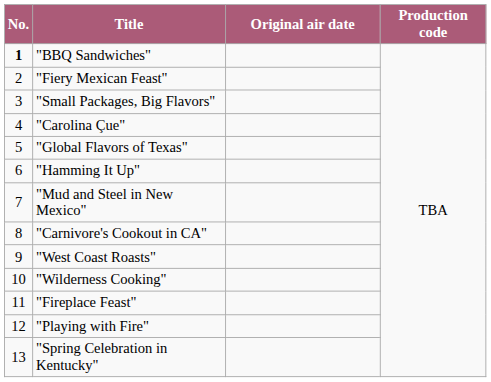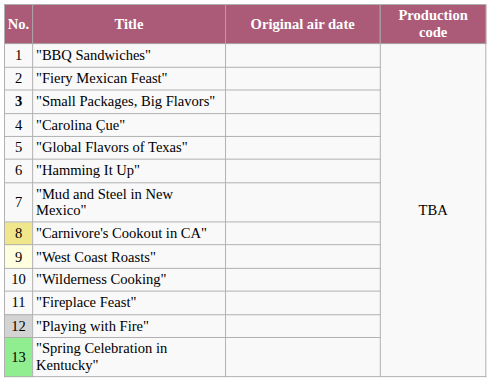 <table class="wikitable plainrowheaders" style="width:60%;">
 <tr>
 <th style="background-color: #ab5b78; color: #FFFFFF;" width=5%>No.</th>
 <th style="background-color: #ab5b78; color: #FFFFFF;" width=40%>Title</th>
 <th style="background-color: #ab5b78; color: #FFFFFF;">Original air date</th>
 <th style="background-color: #ab5b78; color: #FFFFFF;">Production<br>code</th>
 </tr>
 <tr>
-<td align=center><strong>1</strong></td>
+<td align=center>1</td>
 <td>"BBQ Sandwiches"</td>
 <td align=center></td>
 <td align=center rowspan=13>TBA</td>
 </tr>
 <tr>
 <td align=center>2</td>
 <td>"Fiery Mexican Feast"</td>
 <td align=center></td>
 </tr>
 <tr>
-<td align=center>3</td>
+<td align=center><strong>3</strong></td>
 <td>"Small Packages, Big Flavors"</td>
 <td align=center></td>
 </tr>
 <tr>
 <td align=center>4</td>
 <td>"Carolina Çue"</td>
 <td align=center></td>
 </tr>
 <tr>
 <td align=center>5</td>
 <td>"Global Flavors of Texas"</td>
 <td align=center></td>
 </tr>
 <tr>
 <td align=center>6</td>
 <td>"Hamming It Up"</td>
 <td align=center></td>
 </tr>
 <tr>
 <td align=center>7</td>
 <td>"Mud and Steel in New Mexico"</td>
 <td align=center></td>
 </tr>
 <tr>
-<td align=center>8</td>
+<td align=center style="background: khaki;">8</td>
 <td>"Carnivore's Cookout in CA"</td>
 <td align=center></td>
 </tr>
 <tr>
-<td align=center>9</td>
+<td align=center style="background: lightyellow;">9</td>
 <td>"West Coast Roasts"</td>
 <td align=center></td>
 </tr>
 <tr>
 <td align=center>10</td>
 <td>"Wilderness Cooking"</td>
 <td align=center></td>
 </tr>
 <tr>
 <td align=center>11</td>
 <td>"Fireplace Feast"</td>
 <td align=center></td>
 </tr>
 <tr>
-<td align=center>12</td>
+<td align=center style="background: lightgrey;">12</td>
 <td>"Playing with Fire"</td>
 <td align=center></td>
 </tr>
 <tr>
-<td align=center>13</td>
+<td align=center style="background: lightgreen;">13</td>
 <td>"Spring Celebration in Kentucky"</td>
 <td align=center></td>
 </tr>
 </table>
